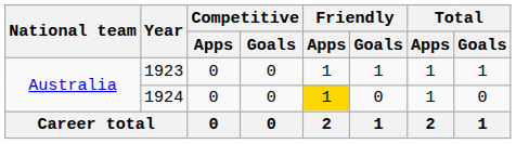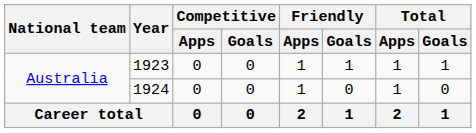 <table class="wikitable" style="text-align:center">
 <tr>
 <th rowspan="2">National team</th>
 <th rowspan="2">Year</th>
 <th colspan="2">Competitive</th>
 <th colspan="2">Friendly</th>
 <th colspan="2">Total</th>
 </tr>
 <tr>
 <th>Apps</th>
 <th>Goals</th>
 <th>Apps</th>
 <th>Goals</th>
 <th>Apps</th>
 <th>Goals</th>
 </tr>
 <tr>
 <td rowspan="2"><a href='#'>Australia</a></td>
 <td>1923</td>
 <td>0</td>
 <td>0</td>
 <td>1</td>
 <td>1</td>
 <td>1</td>
 <td>1</td>
 </tr>
 <tr>
 <td>1924</td>
 <td>0</td>
 <td>0</td>
-<td style="background: gold;">1</td>
+<td>1</td>
 <td>0</td>
 <td>1</td>
 <td>0</td>
 </tr>
 <tr>
 <th colspan=2>Career total</th>
 <th>0</th>
 <th>0</th>
 <th>2</th>
 <th>1</th>
 <th>2</th>
 <th>1</th>
 </tr>
 </table>
